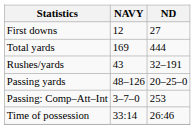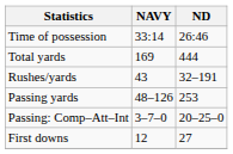 <table class="wikitable" style="float: left;">
 <tr>
 <th>Statistics</th>
 <th>NAVY</th>
 <th>ND</th>
 </tr>
 <tr>
-<td>First downs</td>
-<td>12</td>
-<td>27</td>
+<td>Time of possession</td>
+<td>33:14</td>
+<td>26:46</td>
 </tr>
 <tr>
 <td>Total yards</td>
 <td>169</td>
 <td>444</td>
 </tr>
 <tr>
 <td>Rushes/yards</td>
 <td>43</td>
 <td>32–191</td>
 </tr>
 <tr>
 <td>Passing yards</td>
 <td>48–126</td>
-<td>20–25–0</td>
+<td>253</td>
 </tr>
 <tr>
 <td>Passing: Comp–Att–Int</td>
 <td>3–7–0</td>
-<td>253</td>
+<td>20–25–0</td>
 </tr>
 <tr>
-<td>Time of possession</td>
-<td>33:14</td>
-<td>26:46</td>
+<td>First downs</td>
+<td>12</td>
+<td>27</td>
 </tr>
 <tr>
 </tr>
 </table>
